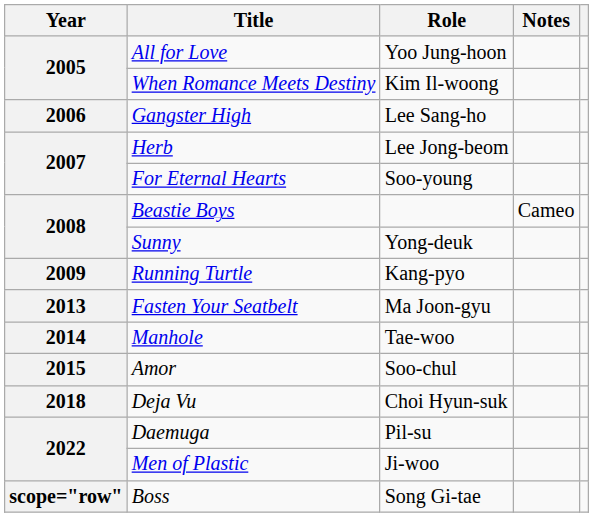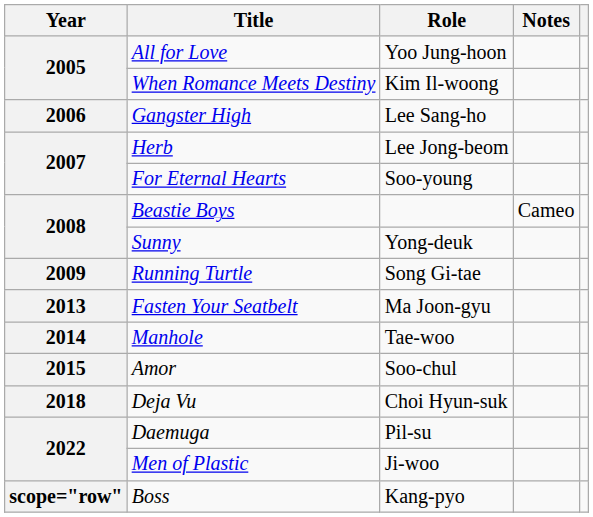 <table class="wikitable plainrowheaders">
 <tr>
 <th scope="col">Year</th>
 <th scope="col">Title</th>
 <th scope="col">Role</th>
 <th scope="col">Notes</th>
 <th scope="col" class="unsortable"></th>
 </tr>
 <tr>
 <th scope="row" rowspan="2">2005</th>
 <td><em><a href='#'>All for Love</a></em></td>
 <td>Yoo Jung-hoon</td>
 <td></td>
 <td style="text-align:center"></td>
 </tr>
 <tr>
 <td><em><a href='#'>When Romance Meets Destiny</a></em></td>
 <td>Kim Il-woong</td>
 <td></td>
 <td style="text-align:center"></td>
 </tr>
 <tr>
 <th scope="row">2006</th>
 <td><em><a href='#'>Gangster High</a></em></td>
 <td>Lee Sang-ho</td>
 <td></td>
 <td style="text-align:center"></td>
 </tr>
 <tr>
 <th scope="row" rowspan="2">2007</th>
 <td><em><a href='#'>Herb</a></em></td>
 <td>Lee Jong-beom</td>
 <td></td>
 <td style="text-align:center"></td>
 </tr>
 <tr>
 <td><em><a href='#'>For Eternal Hearts</a></em></td>
 <td>Soo-young</td>
 <td></td>
 <td style="text-align:center"></td>
 </tr>
 <tr>
 <th scope="row" rowspan="2">2008</th>
 <td><em><a href='#'>Beastie Boys</a></em></td>
 <td></td>
 <td>Cameo</td>
 <td style="text-align:center"></td>
 </tr>
 <tr>
 <td><em><a href='#'>Sunny</a></em></td>
 <td>Yong-deuk</td>
 <td></td>
 <td style="text-align:center"></td>
 </tr>
 <tr>
 <th scope="row">2009</th>
 <td><em><a href='#'>Running Turtle</a></em></td>
-<td>Kang-pyo</td>
+<td>Song Gi-tae</td>
 <td></td>
 <td style="text-align:center"></td>
 </tr>
 <tr>
 <th scope="row">2013</th>
 <td><em><a href='#'>Fasten Your Seatbelt</a></em></td>
 <td>Ma Joon-gyu</td>
 <td></td>
 <td style="text-align:center"></td>
 </tr>
 <tr>
 <th scope="row">2014</th>
 <td><em><a href='#'>Manhole</a></em></td>
 <td>Tae-woo</td>
 <td></td>
 <td style="text-align:center"></td>
 </tr>
 <tr>
 <th scope="row">2015</th>
 <td><em>Amor</em></td>
 <td>Soo-chul</td>
 <td></td>
 <td style="text-align:center"></td>
 </tr>
 <tr>
 <th scope="row">2018</th>
 <td><em>Deja Vu</em></td>
 <td>Choi Hyun-suk</td>
 <td></td>
 <td style="text-align:center"></td>
 </tr>
 <tr>
 <th scope="row" rowspan="2">2022</th>
 <td><em>Daemuga</em></td>
 <td>Pil-su</td>
 <td></td>
 <td style="text-align:center"></td>
 </tr>
 <tr>
 <td><em><a href='#'>Men of Plastic</a></em></td>
 <td>Ji-woo</td>
 <td></td>
 <td style="text-align:center"></td>
 </tr>
 <tr>
 <th>scope="row" </th>
 <td><em>Boss</em></td>
-<td>Song Gi-tae</td>
+<td>Kang-pyo</td>
 <td></td>
 <td style="text-align:center"></td>
 </tr>
 </table>
